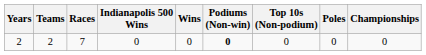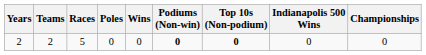 <table class="wikitable" style="text-align:center; font-size:95%">
 <tr>
 <th>Years</th>
 <th>Teams</th>
 <th>Races</th>
-<th>Indianapolis 500<br>Wins</th>
+<th>Poles</th>
 <th>Wins</th>
 <th>Podiums<br>(Non-win)</th>
 <th>Top 10s<br>(Non-podium)</th>
-<th>Poles</th>
+<th>Indianapolis 500<br>Wins</th>
 <th>Championships</th>
 </tr>
 <tr>
 <td>2</td>
 <td>2</td>
-<td>7</td>
+<td>5</td>
 <td>0</td>
 <td>0</td>
 <td><strong>0</strong></td>
-<td>0</td>
+<td><strong>0</strong></td>
 <td>0</td>
 <td>0</td>
 </tr>
 </table>
